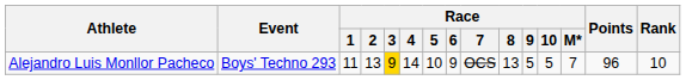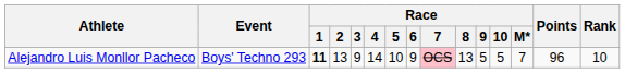 <table class="wikitable" border="1" style="font-size:90%">
 <tr>
 <th rowspan=2>Athlete</th>
 <th rowspan=2>Event</th>
 <th colspan=11>Race</th>
 <th rowspan=2>Points</th>
 <th rowspan=2>Rank</th>
 </tr>
 <tr>
 <th>1</th>
 <th>2</th>
 <th>3</th>
 <th>4</th>
 <th>5</th>
 <th>6</th>
 <th>7</th>
 <th>8</th>
 <th>9</th>
 <th>10</th>
 <th>M*</th>
 </tr>
 <tr>
 <td><a href='#'>Alejandro Luis Monllor Pacheco</a></td>
 <td><a href='#'>Boys' Techno 293</a></td>
-<td align=center>11</td>
+<td align=center><strong>11</strong></td>
 <td align=center>13</td>
-<td align=center style="background: gold;">9</td>
+<td align=center>9</td>
 <td align=center>14</td>
 <td align=center>10</td>
 <td align=center>9</td>
-<td align=center><s>OCS</s></td>
+<td align=center style="background: pink;"><s>OCS</s></td>
 <td align=center>13</td>
 <td align=center>5</td>
 <td align=center>5</td>
 <td align=center>7</td>
 <td align=center>96</td>
 <td align=center>10</td>
 </tr>
 </table>
